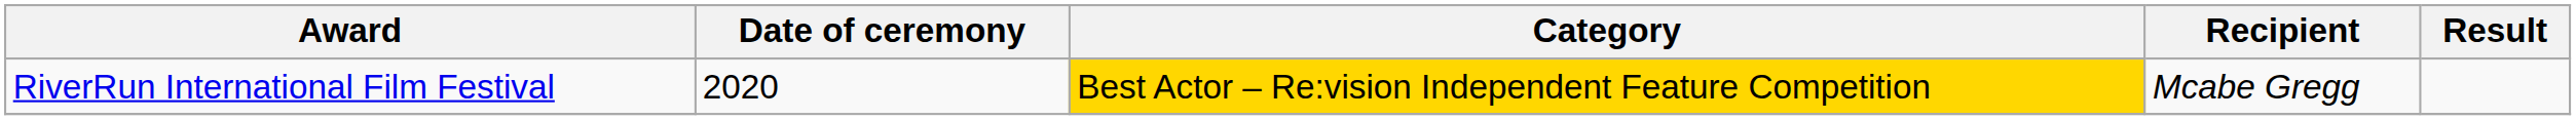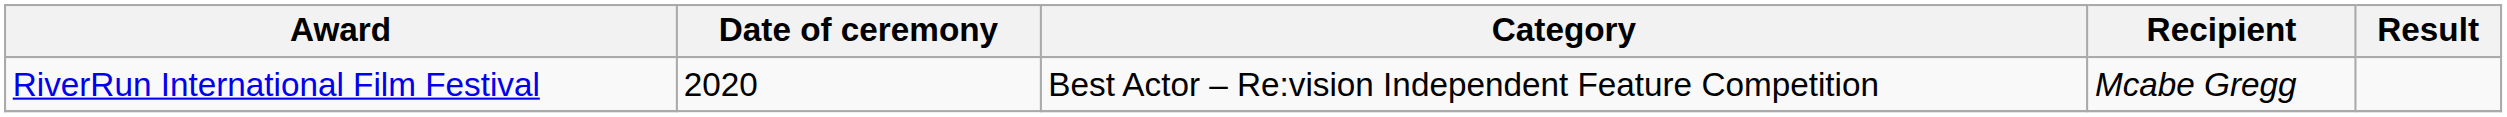 <table class="wikitable sortable" width="95%">
 <tr>
 <th>Award</th>
 <th>Date of ceremony</th>
 <th>Category</th>
 <th>Recipient</th>
 <th>Result</th>
 </tr>
 <tr>
 <td><a href='#'>RiverRun International Film Festival</a></td>
 <td rowspan="11">2020</td>
-<td style="background: gold;">Best Actor – Re:vision Independent Feature Competition</td>
+<td>Best Actor – Re:vision Independent Feature Competition</td>
 <td><em>Mcabe Gregg</em></td>
 <td></td>
 </tr>
 <tr>
 </tr>
 </table>
